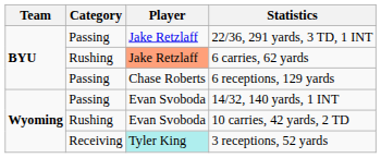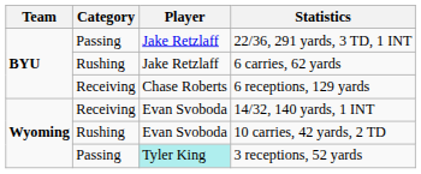 <table class="wikitable" style="float: right;">
 <tr>
 <th>Team</th>
 <th>Category</th>
 <th>Player</th>
 <th>Statistics</th>
 </tr>
 <tr>
 <td rowspan=3><strong>BYU</strong></td>
 <td>Passing</td>
 <td><a href='#'>Jake Retzlaff</a></td>
 <td>22/36, 291 yards, 3 TD, 1 INT</td>
 </tr>
 <tr>
 <td>Rushing</td>
-<td style="background: lightsalmon;">Jake Retzlaff</td>
+<td>Jake Retzlaff</td>
 <td>6 carries, 62 yards</td>
 </tr>
 <tr>
-<td>Passing</td>
+<td>Receiving</td>
 <td>Chase Roberts</td>
 <td>6 receptions, 129 yards</td>
 </tr>
 <tr>
 <td rowspan=3><strong>Wyoming</strong></td>
-<td>Passing</td>
+<td>Receiving</td>
 <td>Evan Svoboda</td>
 <td>14/32, 140 yards, 1 INT</td>
 </tr>
 <tr>
 <td>Rushing</td>
 <td>Evan Svoboda</td>
 <td>10 carries, 42 yards, 2 TD</td>
 </tr>
 <tr>
-<td>Receiving</td>
+<td>Passing</td>
 <td style="background: paleturquoise;">Tyler King</td>
 <td>3 receptions, 52 yards</td>
 </tr>
 </table>
